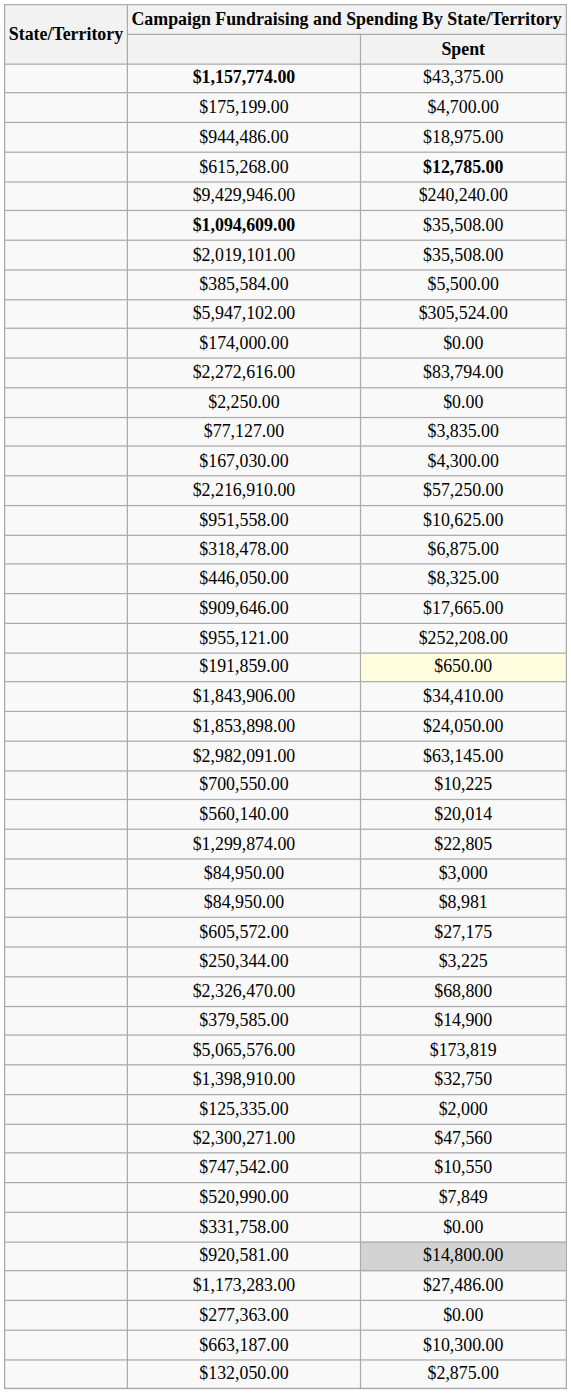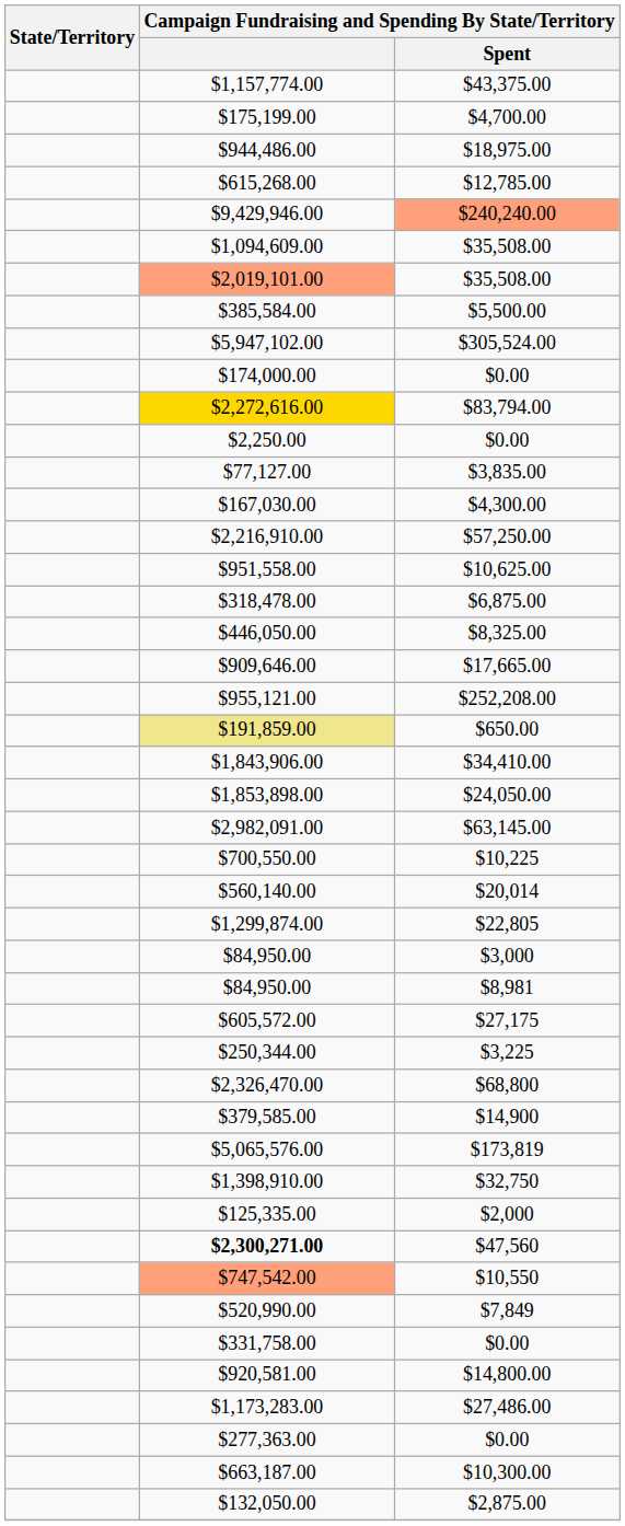 <table class="wikitable sortable" style="font-size:90%;text-align:center;">
 <tr>
 <th rowspan="2">State/Territory</th>
 <th colspan="6">Campaign Fundraising and Spending By State/Territory</th>
 </tr>
 <tr>
 <th data-sort-type=currency></th>
 <th data-sort-type=currency>Spent</th>
 </tr>
 <tr>
 <td></td>
-<td><strong>$1,157,774.00</strong></td>
+<td>$1,157,774.00</td>
 <td>$43,375.00</td>
 </tr>
 <tr>
 <td></td>
 <td>$175,199.00</td>
 <td>$4,700.00</td>
 </tr>
 <tr>
 <td></td>
 <td>$944,486.00</td>
 <td>$18,975.00</td>
 </tr>
 <tr>
 <td></td>
 <td>$615,268.00</td>
-<td><strong>$12,785.00</strong></td>
+<td>$12,785.00</td>
 </tr>
 <tr>
 <td></td>
 <td>$9,429,946.00</td>
-<td>$240,240.00</td>
+<td style="background: lightsalmon;">$240,240.00</td>
 </tr>
 <tr>
 <td></td>
-<td><strong>$1,094,609.00</strong></td>
+<td>$1,094,609.00</td>
 <td>$35,508.00</td>
 </tr>
 <tr>
 <td></td>
-<td>$2,019,101.00</td>
+<td style="background: lightsalmon;">$2,019,101.00</td>
 <td>$35,508.00</td>
 </tr>
 <tr>
 <td></td>
 <td>$385,584.00</td>
 <td>$5,500.00</td>
 </tr>
 <tr>
 <td></td>
 <td>$5,947,102.00</td>
 <td>$305,524.00</td>
 </tr>
 <tr>
 <td></td>
 <td>$174,000.00</td>
 <td>$0.00</td>
 </tr>
 <tr>
 <td></td>
-<td>$2,272,616.00</td>
+<td style="background: gold;">$2,272,616.00</td>
 <td>$83,794.00</td>
 </tr>
 <tr>
 <td></td>
 <td>$2,250.00</td>
 <td>$0.00</td>
 </tr>
 <tr>
 <td></td>
 <td>$77,127.00</td>
 <td>$3,835.00</td>
 </tr>
 <tr>
 <td></td>
 <td>$167,030.00</td>
 <td>$4,300.00</td>
 </tr>
 <tr>
 <td></td>
 <td>$2,216,910.00</td>
 <td>$57,250.00</td>
 </tr>
 <tr>
 <td></td>
 <td>$951,558.00</td>
 <td>$10,625.00</td>
 </tr>
 <tr>
 <td></td>
 <td>$318,478.00</td>
 <td>$6,875.00</td>
 </tr>
 <tr>
 <td></td>
 <td>$446,050.00</td>
 <td>$8,325.00</td>
 </tr>
 <tr>
 <td></td>
 <td>$909,646.00</td>
 <td>$17,665.00</td>
 </tr>
 <tr>
 <td></td>
 <td>$955,121.00</td>
 <td>$252,208.00</td>
 </tr>
 <tr>
 <td></td>
-<td>$191,859.00</td>
-<td style="background: lightyellow;">$650.00</td>
+<td style="background: khaki;">$191,859.00</td>
+<td>$650.00</td>
 </tr>
 <tr>
 <td></td>
 <td>$1,843,906.00</td>
 <td>$34,410.00</td>
 </tr>
 <tr>
 <td></td>
 <td>$1,853,898.00</td>
 <td>$24,050.00</td>
 </tr>
 <tr>
 <td></td>
 <td>$2,982,091.00</td>
 <td>$63,145.00</td>
 </tr>
 <tr>
 <td></td>
 <td>$700,550.00</td>
 <td>$10,225</td>
 </tr>
 <tr>
 <td></td>
 <td>$560,140.00</td>
 <td>$20,014</td>
 </tr>
 <tr>
 <td></td>
 <td>$1,299,874.00</td>
 <td>$22,805</td>
 </tr>
 <tr>
 <td></td>
 <td>$84,950.00</td>
 <td>$3,000</td>
 </tr>
 <tr>
 <td></td>
 <td>$84,950.00</td>
 <td>$8,981</td>
 </tr>
 <tr>
 <td></td>
 <td>$605,572.00</td>
 <td>$27,175</td>
 </tr>
 <tr>
 <td></td>
 <td>$250,344.00</td>
 <td>$3,225</td>
 </tr>
 <tr>
 <td></td>
 <td>$2,326,470.00</td>
 <td>$68,800</td>
 </tr>
 <tr>
 <td></td>
 <td>$379,585.00</td>
 <td>$14,900</td>
 </tr>
 <tr>
 <td></td>
 <td>$5,065,576.00</td>
 <td>$173,819</td>
 </tr>
 <tr>
 <td></td>
 <td>$1,398,910.00</td>
 <td>$32,750</td>
 </tr>
 <tr>
 <td></td>
 <td>$125,335.00</td>
 <td>$2,000</td>
 </tr>
 <tr>
 <td></td>
-<td>$2,300,271.00</td>
+<td><strong>$2,300,271.00</strong></td>
 <td>$47,560</td>
 </tr>
 <tr>
 <td></td>
-<td>$747,542.00</td>
+<td style="background: lightsalmon;">$747,542.00</td>
 <td>$10,550</td>
 </tr>
 <tr>
 <td></td>
 <td>$520,990.00</td>
 <td>$7,849</td>
 </tr>
 <tr>
 <td></td>
 <td>$331,758.00</td>
 <td>$0.00</td>
 </tr>
 <tr>
 <td></td>
 <td>$920,581.00</td>
-<td style="background: lightgrey;">$14,800.00</td>
+<td>$14,800.00</td>
 </tr>
 <tr>
 <td></td>
 <td>$1,173,283.00</td>
 <td>$27,486.00</td>
 </tr>
 <tr>
 <td></td>
 <td>$277,363.00</td>
 <td>$0.00</td>
 </tr>
 <tr>
 <td></td>
 <td>$663,187.00</td>
 <td>$10,300.00</td>
 </tr>
 <tr>
 <td></td>
 <td>$132,050.00</td>
 <td>$2,875.00</td>
 </tr>
 <tr>
 </tr>
 </table>
